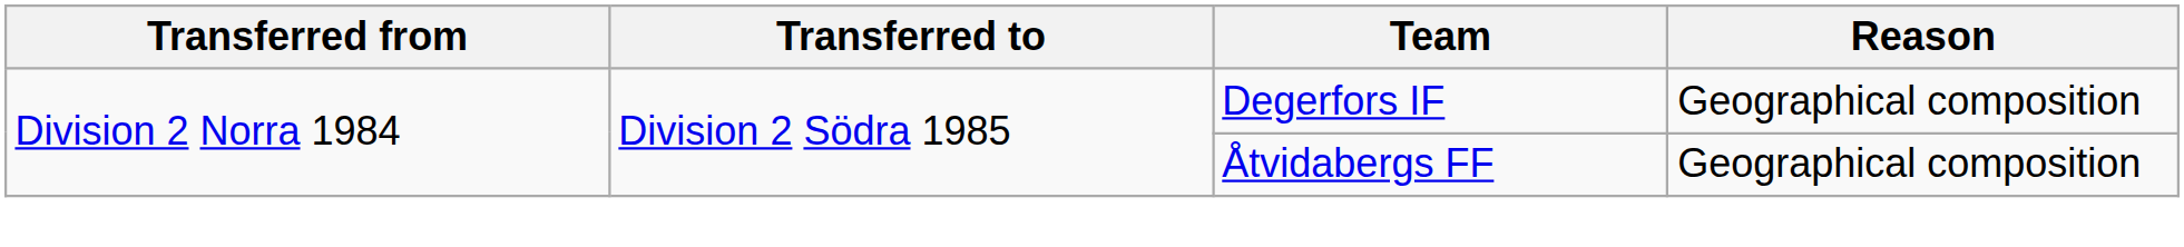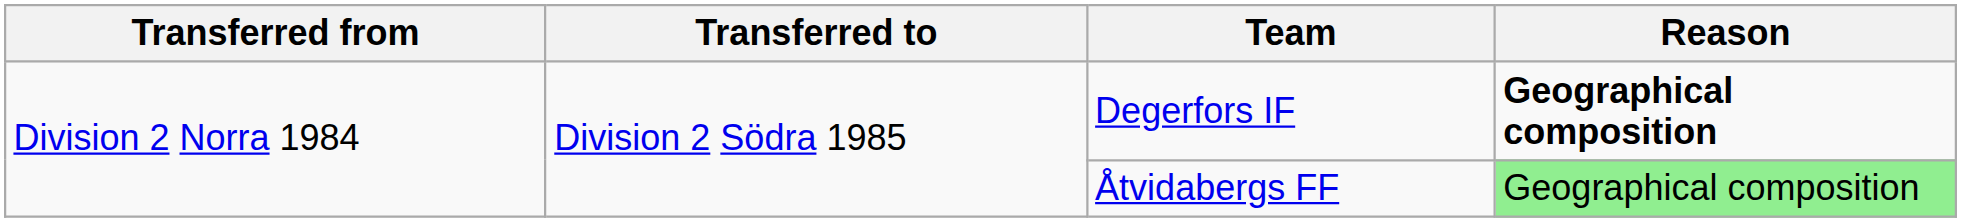 <table class="wikitable">
 <tr>
 <th style="width: 275px;">Transferred from</th>
 <th style="width: 275px;">Transferred to</th>
 <th style="width: 200px;">Team</th>
 <th style="width: 225px;">Reason</th>
 </tr>
 <tr>
 <td rowspan=2><a href='#'>Division 2</a> <a href='#'>Norra</a> 1984</td>
 <td rowspan=2><a href='#'>Division 2</a> <a href='#'>Södra</a> 1985</td>
 <td><a href='#'>Degerfors IF</a></td>
-<td>Geographical composition</td>
+<td><strong>Geographical composition</strong></td>
 </tr>
 <tr>
 <td><a href='#'>Åtvidabergs FF</a></td>
-<td>Geographical composition</td>
+<td style="background: lightgreen;">Geographical composition</td>
 </tr>
 </table>
